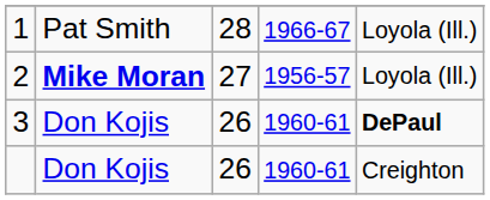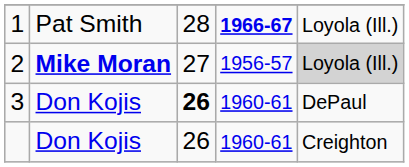 <table class="wikitable">
 <tr>
 </tr>
 <tr>
 <td>1</td>
 <td>Pat Smith</td>
 <td>28</td>
-<td style="font-size:80%;"><a href='#'>1966-67</a></td>
+<td style="font-size:80%;"><strong><a href='#'>1966-67</a></strong></td>
 <td style="font-size:80%;">Loyola (Ill.)</td>
 </tr>
 <tr>
 <td>2</td>
 <td><strong><a href='#'>Mike Moran</a></strong></td>
 <td>27</td>
 <td style="font-size:80%;"><a href='#'>1956-57</a></td>
-<td style="font-size:80%;">Loyola (Ill.)</td>
+<td style="background: lightgrey; font-size:80%;">Loyola (Ill.)</td>
 </tr>
 <tr>
 <td>3</td>
 <td><a href='#'>Don Kojis</a></td>
-<td>26</td>
+<td><strong>26</strong></td>
 <td style="font-size:80%;"><a href='#'>1960-61</a></td>
-<td style="font-size:80%;"><strong>DePaul</strong></td>
+<td style="font-size:80%;">DePaul</td>
 </tr>
 <tr>
 <td></td>
 <td><a href='#'>Don Kojis</a></td>
 <td>26</td>
 <td style="font-size:80%;"><a href='#'>1960-61</a></td>
 <td style="font-size:80%;">Creighton</td>
 </tr>
 </table>
